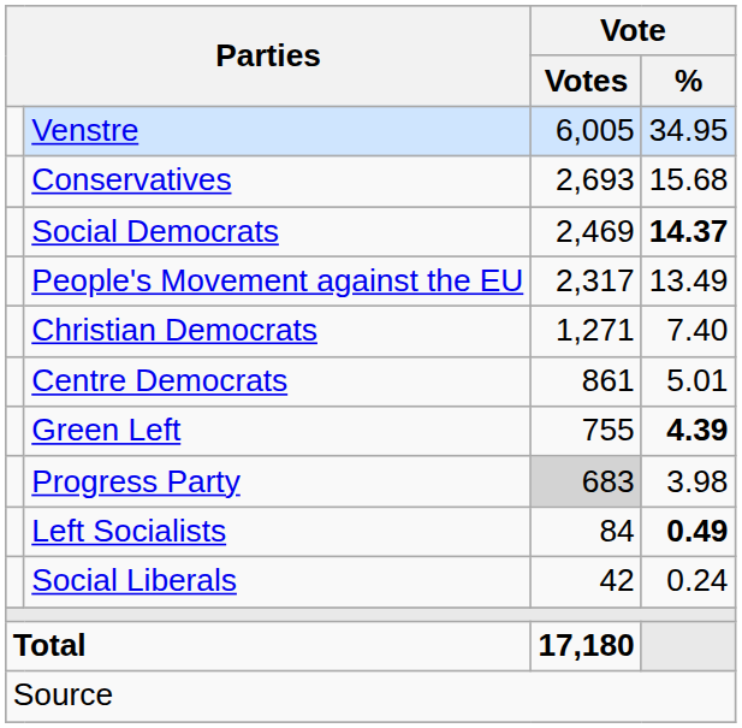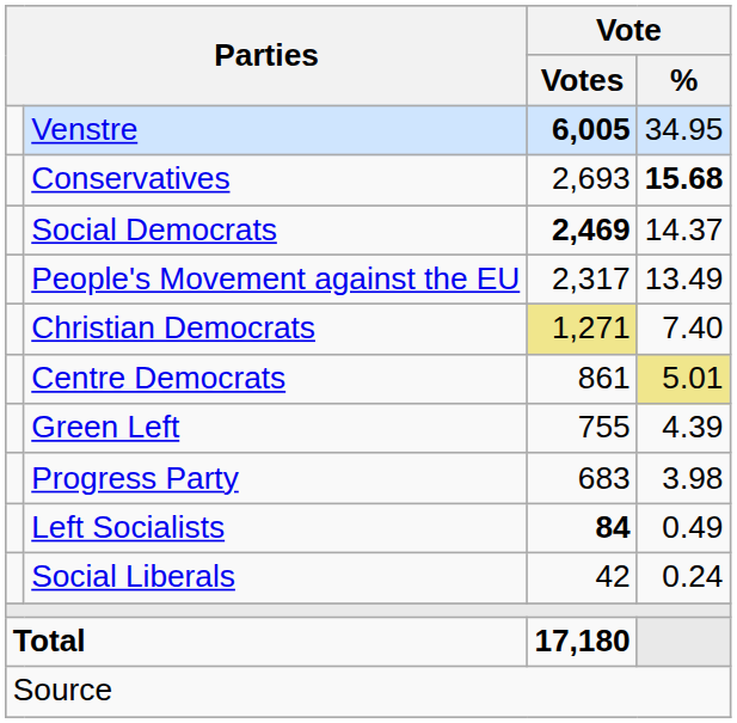 <table class="wikitable" style="text-align:right;">
 <tr>
 <th style="text-align:centre;" rowspan="2" colspan="2" width="225">Parties</th>
 <th colspan="3">Vote</th>
 </tr>
 <tr>
 <th width="15">Votes</th>
 <th width="15">%</th>
 </tr>
 <tr>
 <td width="2" style="color:inherit;background:"></td>
 <td bgcolor=#cfe5fe   align="left"><a href='#'>Venstre</a></td>
-<td bgcolor=#cfe5fe>6,005</td>
+<td bgcolor=#cfe5fe><strong>6,005</strong></td>
 <td bgcolor=#cfe5fe>34.95</td>
 </tr>
 <tr>
 <td width="2" style="color:inherit;background:"></td>
 <td align="left"><a href='#'>Conservatives</a></td>
 <td>2,693</td>
-<td>15.68</td>
+<td><strong>15.68</strong></td>
 </tr>
 <tr>
 <td width="2" style="color:inherit;background:"></td>
 <td align="left"><a href='#'>Social Democrats</a></td>
-<td>2,469</td>
-<td><strong>14.37</strong></td>
+<td><strong>2,469</strong></td>
+<td>14.37</td>
 </tr>
 <tr>
 <td width="2" style="color:inherit;background:"></td>
 <td align="left"><a href='#'>People's Movement against the EU</a></td>
 <td>2,317</td>
 <td>13.49</td>
 </tr>
 <tr>
 <td width="2" style="color:inherit;background:"></td>
 <td align="left"><a href='#'>Christian Democrats</a></td>
-<td>1,271</td>
+<td style="background: khaki;">1,271</td>
 <td>7.40</td>
 </tr>
 <tr>
 <td width="2" style="color:inherit;background:"></td>
 <td align="left"><a href='#'>Centre Democrats</a></td>
 <td>861</td>
-<td>5.01</td>
+<td style="background: khaki;">5.01</td>
 </tr>
 <tr>
 <td width="2" style="color:inherit;background:"></td>
 <td align="left"><a href='#'>Green Left</a></td>
 <td>755</td>
-<td><strong>4.39</strong></td>
+<td>4.39</td>
 </tr>
 <tr>
 <td width="2" style="color:inherit;background:"></td>
 <td align="left"><a href='#'>Progress Party</a></td>
-<td style="background: lightgrey;">683</td>
+<td>683</td>
 <td>3.98</td>
 </tr>
 <tr>
 <td width="2" style="color:inherit;background:"></td>
 <td align="left"><a href='#'>Left Socialists</a></td>
-<td>84</td>
-<td><strong>0.49</strong></td>
+<td><strong>84</strong></td>
+<td>0.49</td>
 </tr>
 <tr>
 <td width="2" style="color:inherit;background:"></td>
 <td align="left"><a href='#'>Social Liberals</a></td>
 <td>42</td>
 <td>0.24</td>
 </tr>
 <tr>
 <td colspan="7" bgcolor="#E9E9E9"></td>
 </tr>
 <tr>
 <td align="left" colspan="2"><strong>Total</strong></td>
 <td><strong>17,180</strong></td>
 <td bgcolor="#E9E9E9" colspan="2"></td>
 </tr>
 <tr>
 <td align="left" colspan="6">Source</td>
 </tr>
 </table>
